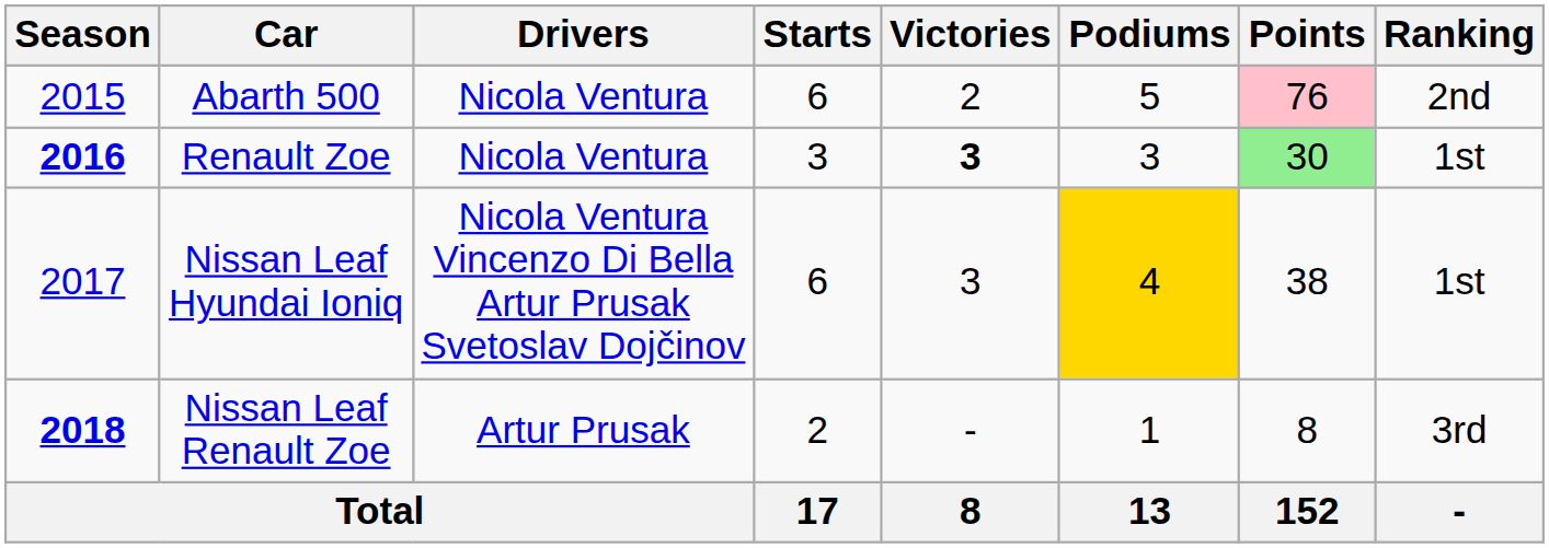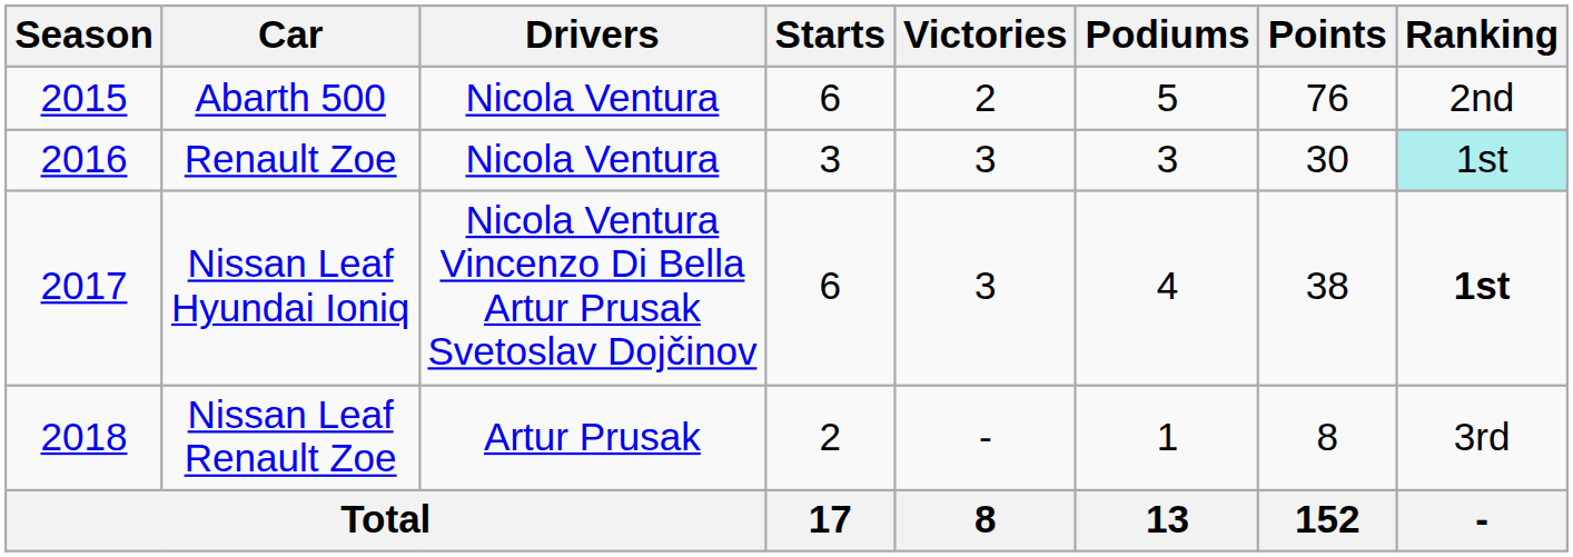 <table class="wikitable" style="text-align: center">
 <tr>
 <th>Season</th>
 <th>Car</th>
 <th>Drivers</th>
 <th>Starts</th>
 <th>Victories</th>
 <th>Podiums</th>
 <th>Points</th>
 <th>Ranking</th>
 </tr>
 <tr>
 <td><a href='#'>2015</a></td>
 <td> <a href='#'>Abarth 500</a></td>
 <td> <a href='#'>Nicola Ventura</a></td>
 <td>6</td>
 <td>2</td>
 <td>5</td>
-<td style="background: pink;">76</td>
+<td>76</td>
 <td>2nd</td>
 </tr>
 <tr>
-<td><strong><a href='#'>2016</a></strong></td>
+<td><a href='#'>2016</a></td>
 <td> <a href='#'>Renault Zoe</a></td>
 <td> <a href='#'>Nicola Ventura</a></td>
 <td>3</td>
-<td><strong>3</strong></td>
 <td>3</td>
-<td style="background: lightgreen;">30</td>
-<td>1st</td>
+<td>3</td>
+<td>30</td>
+<td style="background: paleturquoise;">1st</td>
 </tr>
 <tr>
 <td><a href='#'>2017</a></td>
 <td> <a href='#'>Nissan Leaf</a><br> <a href='#'>Hyundai Ioniq</a><br></td>
 <td> <a href='#'>Nicola Ventura</a><br> <a href='#'>Vincenzo Di Bella</a><br> <a href='#'>Artur Prusak</a><br> <a href='#'>Svetoslav Dojčinov</a><br></td>
 <td>6</td>
 <td>3</td>
-<td style="background: gold;">4</td>
+<td>4</td>
 <td>38</td>
-<td>1st</td>
+<td><strong>1st</strong></td>
 </tr>
 <tr>
-<td><strong><a href='#'>2018</a></strong></td>
+<td><a href='#'>2018</a></td>
 <td> <a href='#'>Nissan Leaf</a><br> <a href='#'>Renault Zoe</a></td>
 <td> <a href='#'>Artur Prusak</a></td>
 <td>2</td>
 <td>-</td>
 <td>1</td>
 <td>8</td>
 <td>3rd</td>
 </tr>
 <tr>
 <th colspan="3">Total</th>
 <th>17</th>
 <th>8</th>
 <th>13</th>
 <th>152</th>
 <th>-</th>
 </tr>
 </table>
